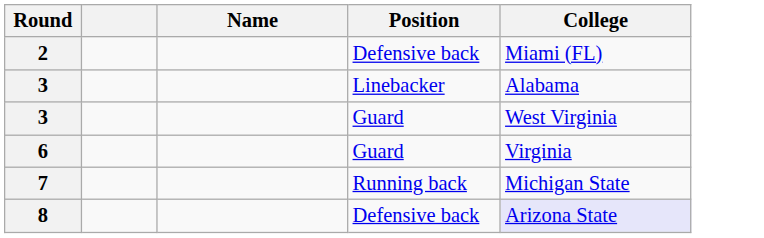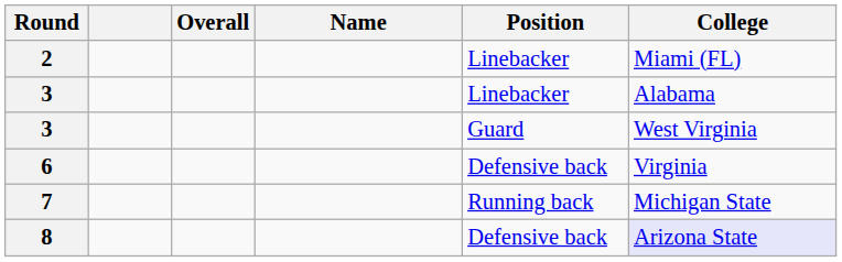 <table class="wikitable sortable">
 <tr>
 <th scope="col" style="width: 10%;">Round</th>
 <th scope="col" style="width: 10%;"></th>
+<th scope="col" style="width: 10%;">Overall</th>
 <th scope="col" style="width: 25%;">Name</th>
 <th scope="col" style="width: 20%;">Position</th>
 <th scope="col" style="width: 25%;">College</th>
 </tr>
 <tr>
 <th scope="row">2</th>
 <td></td>
 <td></td>
-<td><a href='#'>Defensive back</a></td>
+<td></td>
+<td><a href='#'>Linebacker</a></td>
 <td><a href='#'>Miami (FL)</a></td>
 </tr>
 <tr>
 <th scope="row">3</th>
+<td></td>
 <td></td>
 <td></td>
 <td><a href='#'>Linebacker</a></td>
 <td><a href='#'>Alabama</a></td>
 </tr>
 <tr>
 <th scope="row">3</th>
 <td></td>
 <td></td>
+<td></td>
 <td><a href='#'>Guard</a></td>
 <td><a href='#'>West Virginia</a></td>
 </tr>
 <tr>
 <th scope="row">6</th>
 <td></td>
 <td></td>
-<td><a href='#'>Guard</a></td>
+<td></td>
+<td><a href='#'>Defensive back</a></td>
 <td><a href='#'>Virginia</a></td>
 </tr>
 <tr>
 <th scope="row">7</th>
+<td></td>
 <td></td>
 <td></td>
 <td><a href='#'>Running back</a></td>
 <td><a href='#'>Michigan State</a></td>
 </tr>
 <tr>
 <th scope="row">8</th>
 <td></td>
 <td></td>
+<td></td>
 <td><a href='#'>Defensive back</a></td>
 <td style="background: lavender;"><a href='#'>Arizona State</a></td>
 </tr>
 </table>
